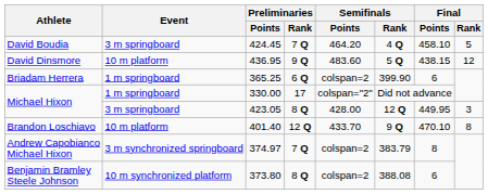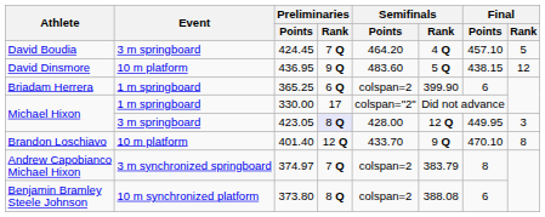 <table class=wikitable style="font-size:90%">
 <tr>
 <th rowspan="2">Athlete</th>
 <th rowspan="2">Event</th>
 <th colspan="2">Preliminaries</th>
 <th colspan="2">Semifinals</th>
 <th colspan="2">Final</th>
 </tr>
 <tr style="font-size:95%">
 <th>Points</th>
 <th>Rank</th>
 <th>Points</th>
 <th>Rank</th>
 <th>Points</th>
 <th>Rank</th>
 </tr>
 <tr align="center">
 <td align="left"><a href='#'>David Boudia</a></td>
 <td align="left"><a href='#'>3 m springboard</a></td>
 <td>424.45</td>
 <td>7 <strong>Q</strong></td>
 <td>464.20</td>
 <td>4 <strong>Q</strong></td>
-<td>458.10</td>
+<td>457.10</td>
 <td>5</td>
 </tr>
 <tr align="center">
 <td align="left"><a href='#'>David Dinsmore</a></td>
 <td align="left"><a href='#'>10 m platform</a></td>
 <td>436.95</td>
 <td>9 <strong>Q</strong></td>
 <td>483.60</td>
 <td>5 <strong>Q</strong></td>
 <td>438.15</td>
 <td>12</td>
 </tr>
 <tr align="center">
 <td align="left"><a href='#'>Briadam Herrera</a></td>
 <td align="left"><a href='#'>1 m springboard</a></td>
 <td>365.25</td>
 <td>6 <strong>Q</strong></td>
 <td>colspan=2 </td>
 <td>399.90</td>
 <td>6</td>
 </tr>
 <tr align="center">
 <td rowspan="2" align="left"><a href='#'>Michael Hixon</a></td>
 <td align="left"><a href='#'>1 m springboard</a></td>
 <td>330.00</td>
 <td>17</td>
 <td>colspan="2" </td>
 <td colspan="2">Did not advance</td>
 </tr>
 <tr align="center">
 <td align="left"><a href='#'>3 m springboard</a></td>
 <td>423.05</td>
-<td>8 <strong>Q</strong></td>
+<td style="background: lavender;">8 <strong>Q</strong></td>
 <td>428.00</td>
 <td>12 <strong>Q</strong></td>
 <td>449.95</td>
 <td>3</td>
 </tr>
 <tr align="center">
 <td align="left"><a href='#'>Brandon Loschiavo</a></td>
 <td align="left"><a href='#'>10 m platform</a></td>
 <td>401.40</td>
 <td>12 <strong>Q</strong></td>
 <td>433.70</td>
 <td>9 <strong>Q</strong></td>
 <td>470.10</td>
 <td>8</td>
 </tr>
 <tr align="center">
 <td align="left"><a href='#'>Andrew Capobianco</a><br><a href='#'>Michael Hixon</a></td>
 <td align="left"><a href='#'>3 m synchronized springboard</a></td>
 <td>374.97</td>
 <td>7 <strong>Q</strong></td>
 <td>colspan=2 </td>
 <td>383.79</td>
 <td>8</td>
 </tr>
 <tr align="center">
 <td align="left"><a href='#'>Benjamin Bramley</a><br><a href='#'>Steele Johnson</a></td>
 <td align="left"><a href='#'>10 m synchronized platform</a></td>
 <td>373.80</td>
 <td>8 <strong>Q</strong></td>
 <td>colspan=2 </td>
 <td>388.08</td>
 <td>6</td>
 </tr>
 </table>
